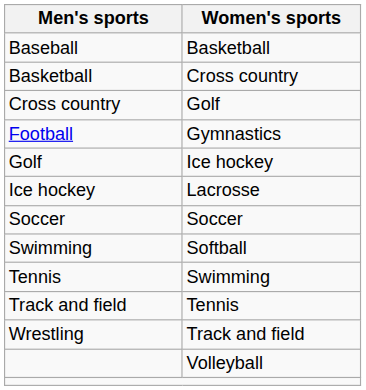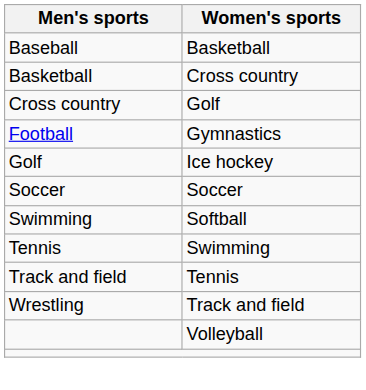 <table class= wikitable>
 <tr>
 <th width=150px>Men's sports</th>
 <th width=150px>Women's sports</th>
 </tr>
 <tr>
 <td>Baseball</td>
 <td>Basketball</td>
 </tr>
 <tr>
 <td>Basketball</td>
 <td>Cross country</td>
 </tr>
 <tr>
 <td>Cross country</td>
 <td>Golf</td>
 </tr>
 <tr>
 <td><a href='#'>Football</a></td>
 <td>Gymnastics</td>
 </tr>
 <tr>
 <td>Golf</td>
 <td>Ice hockey</td>
-</tr>
-<tr>
-<td>Ice hockey</td>
-<td>Lacrosse</td>
 </tr>
 <tr>
 <td>Soccer</td>
 <td>Soccer</td>
 </tr>
 <tr>
 <td>Swimming</td>
 <td>Softball</td>
 </tr>
 <tr>
 <td>Tennis</td>
 <td>Swimming</td>
 </tr>
 <tr>
 <td>Track and field</td>
 <td>Tennis</td>
 </tr>
 <tr>
 <td>Wrestling</td>
 <td>Track and field</td>
 </tr>
 <tr>
 <td></td>
 <td>Volleyball</td>
 </tr>
 <tr>
 <td colspan=2></td>
 </tr>
 </table>
